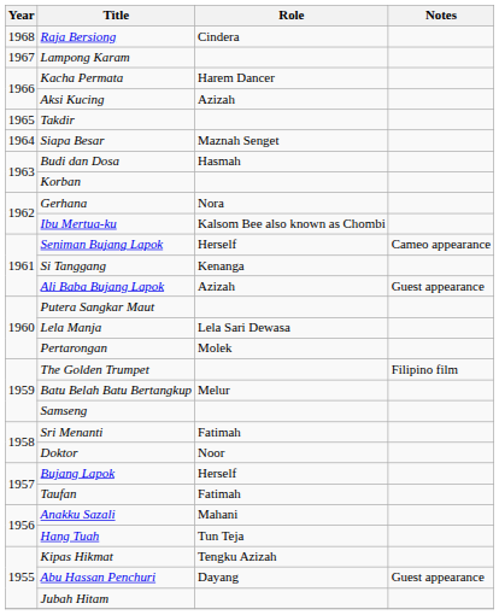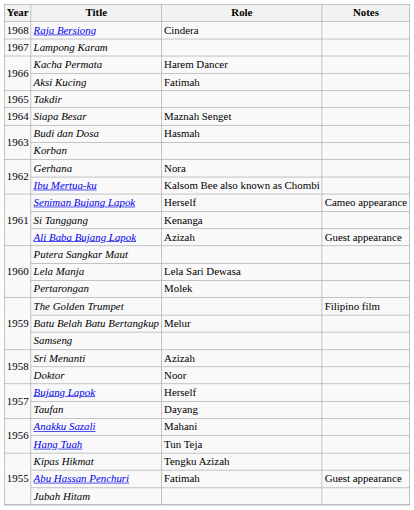 <table class="wikitable">
 <tr>
 <th>Year</th>
 <th>Title</th>
 <th>Role</th>
 <th class="unsortable">Notes</th>
 </tr>
 <tr>
 <td>1968</td>
 <td><em><a href='#'>Raja Bersiong</a></em></td>
 <td>Cindera</td>
 <td></td>
 </tr>
 <tr>
 <td>1967</td>
 <td><em>Lampong Karam</em></td>
 <td></td>
 <td></td>
 </tr>
 <tr>
 <td rowspan=2>1966</td>
 <td><em>Kacha Permata</em></td>
 <td>Harem Dancer</td>
 <td></td>
 </tr>
 <tr>
 <td><em>Aksi Kucing</em></td>
-<td>Azizah</td>
+<td>Fatimah</td>
 <td></td>
 </tr>
 <tr>
 <td>1965</td>
 <td><em>Takdir</em></td>
 <td></td>
 <td></td>
 </tr>
 <tr>
 <td>1964</td>
 <td><em>Siapa Besar</em></td>
 <td>Maznah Senget</td>
 <td></td>
 </tr>
 <tr>
 <td rowspan=2>1963</td>
 <td><em>Budi dan Dosa</em></td>
 <td>Hasmah</td>
 <td></td>
 </tr>
 <tr>
 <td><em>Korban</em></td>
 <td></td>
 <td></td>
 </tr>
 <tr>
 <td rowspan=2>1962</td>
 <td><em>Gerhana</em></td>
 <td>Nora</td>
 <td></td>
 </tr>
 <tr>
 <td><em><a href='#'>Ibu Mertua-ku</a></em></td>
 <td>Kalsom Bee also known as Chombi</td>
 <td></td>
 </tr>
 <tr>
 <td rowspan=3>1961</td>
 <td><em><a href='#'>Seniman Bujang Lapok</a></em></td>
 <td>Herself</td>
 <td>Cameo appearance</td>
 </tr>
 <tr>
 <td><em>Si Tanggang</em></td>
 <td>Kenanga</td>
 <td></td>
 </tr>
 <tr>
 <td><em><a href='#'>Ali Baba Bujang Lapok</a></em></td>
 <td>Azizah</td>
 <td>Guest appearance</td>
 </tr>
 <tr>
 <td rowspan=3>1960</td>
 <td><em>Putera Sangkar Maut</em></td>
 <td></td>
 <td></td>
 </tr>
 <tr>
 <td><em>Lela Manja</em></td>
 <td>Lela Sari Dewasa</td>
 <td></td>
 </tr>
 <tr>
 <td><em>Pertarongan</em></td>
 <td>Molek</td>
 <td></td>
 </tr>
 <tr>
 <td rowspan="3">1959</td>
 <td><em>The Golden Trumpet</em></td>
 <td></td>
 <td>Filipino film</td>
 </tr>
 <tr>
 <td><em>Batu Belah Batu Bertangkup</em></td>
 <td>Melur</td>
 <td></td>
 </tr>
 <tr>
 <td><em>Samseng</em></td>
 <td></td>
 <td></td>
 </tr>
 <tr>
 <td rowspan=2>1958</td>
 <td><em>Sri Menanti</em></td>
-<td>Fatimah</td>
+<td>Azizah</td>
 <td></td>
 </tr>
 <tr>
 <td><em>Doktor</em></td>
 <td>Noor</td>
 <td></td>
 </tr>
 <tr>
 <td rowspan=2>1957</td>
 <td><em><a href='#'>Bujang Lapok</a></em></td>
 <td>Herself</td>
 <td></td>
 </tr>
 <tr>
 <td><em>Taufan</em></td>
-<td>Fatimah</td>
+<td>Dayang</td>
 <td></td>
 </tr>
 <tr>
 <td rowspan="2">1956</td>
 <td><em><a href='#'>Anakku Sazali</a></em></td>
 <td>Mahani</td>
 <td></td>
 </tr>
 <tr>
 <td><em><a href='#'>Hang Tuah</a></em></td>
 <td>Tun Teja</td>
 <td></td>
 </tr>
 <tr>
 <td rowspan=3>1955</td>
 <td><em>Kipas Hikmat</em></td>
 <td>Tengku Azizah</td>
 <td></td>
 </tr>
 <tr>
 <td><em><a href='#'>Abu Hassan Penchuri</a></em></td>
-<td>Dayang</td>
+<td>Fatimah</td>
 <td>Guest appearance</td>
 </tr>
 <tr>
 <td><em>Jubah Hitam</em></td>
 <td></td>
 <td></td>
 </tr>
 <tr>
 </tr>
 </table>
